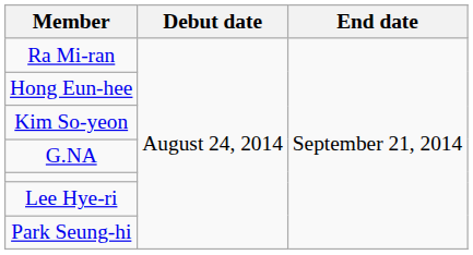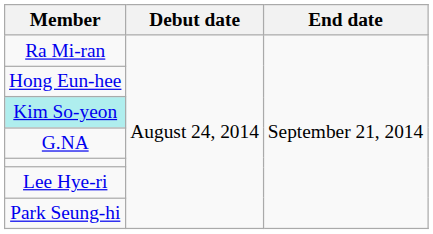 <table class="wikitable" style="text-align:center;">
 <tr>
 <th>Member</th>
 <th>Debut date</th>
 <th>End date</th>
 </tr>
 <tr>
 <td><a href='#'>Ra Mi-ran</a></td>
 <td rowspan=7>August 24, 2014</td>
 <td rowspan=7>September 21, 2014</td>
 </tr>
 <tr>
 <td><a href='#'>Hong Eun-hee</a></td>
 </tr>
 <tr>
-<td><a href='#'>Kim So-yeon</a></td>
+<td style="background: paleturquoise;"><a href='#'>Kim So-yeon</a></td>
 </tr>
 <tr>
 <td><a href='#'>G.NA</a></td>
 </tr>
 <tr>
 <td></td>
 </tr>
 <tr>
 <td><a href='#'>Lee Hye-ri</a></td>
 </tr>
 <tr>
 <td><a href='#'>Park Seung-hi</a></td>
 </tr>
 </table>
